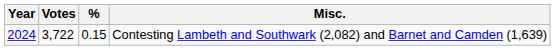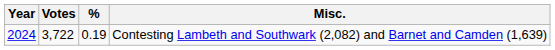 <table class="wikitable">
 <tr>
 <th>Year</th>
 <th>Votes</th>
 <th>%</th>
 <th>Misc.</th>
 </tr>
 <tr>
 <td><a href='#'>2024</a></td>
 <td>3,722</td>
-<td>0.15</td>
+<td>0.19</td>
 <td>Contesting <a href='#'>Lambeth and Southwark</a> (2,082) and <a href='#'>Barnet and Camden</a> (1,639)</td>
 </tr>
 </table>
